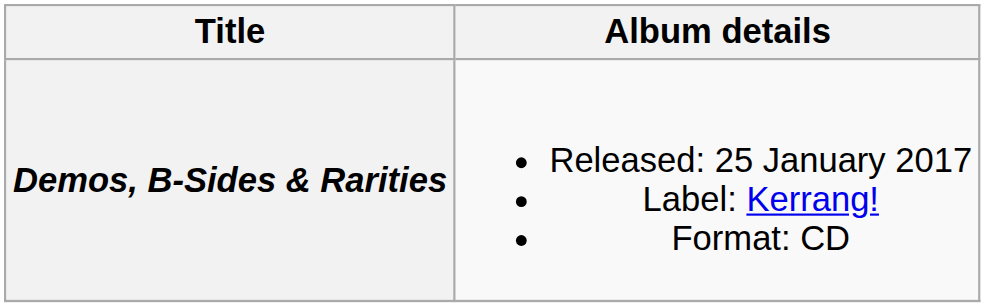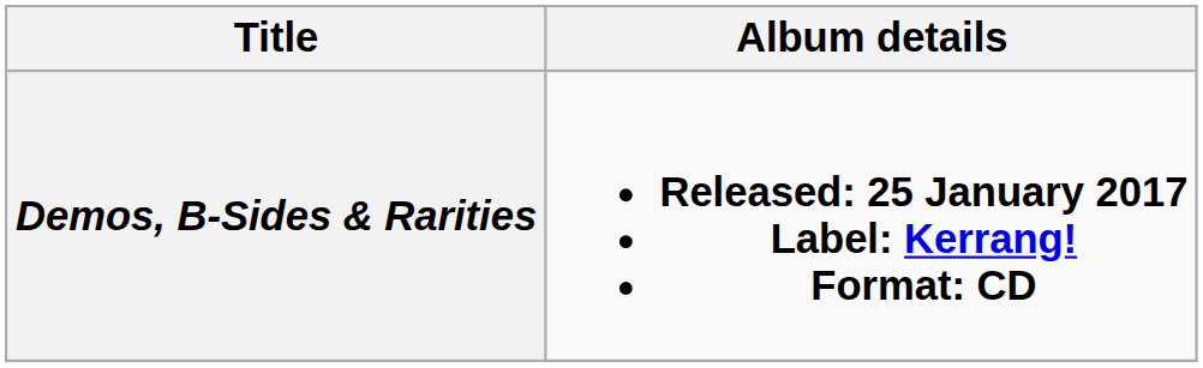 <table class="wikitable plainrowheaders" style="text-align:center;">
 <tr>
 <th scope="col" rowspan="1">Title</th>
 <th scope="col" rowspan="1">Album details</th>
 </tr>
 <tr>
 <th scope="row"><strong><em>Demos, B-Sides & Rarities</em></strong></th>
-<td><br><ul><li>Released: 25 January 2017</li><li>Label: <a href='#'>Kerrang!</a></li><li>Format: CD</li></ul></td>
+<td><strong><br><ul><li>Released: 25 January 2017</li><li>Label: <a href='#'>Kerrang!</a></li><li>Format: CD</li></ul></strong></td>
 </tr>
 <tr>
 </tr>
 </table>
